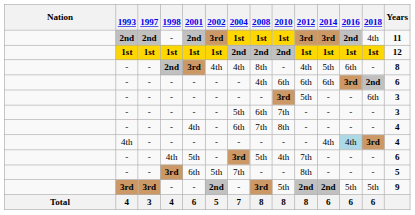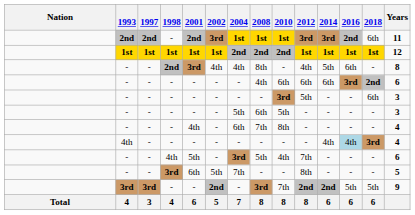 <table class="wikitable" style="text-align:center; font-size:90%">
 <tr>
 <th width=170>Nation</th>
 <th><br><a href='#'>1993</a></th>
 <th><br><a href='#'>1997</a></th>
 <th><br><a href='#'>1998</a></th>
 <th><br><a href='#'>2001</a></th>
 <th><br><a href='#'>2002</a></th>
 <th><br><a href='#'>2004</a></th>
 <th><br><a href='#'>2008</a></th>
 <th><br><a href='#'>2010</a></th>
 <th><br><a href='#'>2012</a></th>
 <th><br><a href='#'>2014</a></th>
 <th><br><a href='#'>2016</a></th>
 <th><br><a href='#'>2018</a></th>
 <th>Years</th>
 </tr>
 <tr>
 <td align=left></td>
 <td bgcolor=silver><strong>2nd</strong></td>
 <td bgcolor=silver><strong>2nd</strong></td>
 <td>-</td>
 <td bgcolor=silver><strong>2nd</strong></td>
 <td bgcolor=#cc9966><strong>3rd</strong></td>
 <td bgcolor=gold><strong>1st</strong></td>
 <td bgcolor=gold><strong>1st</strong></td>
 <td bgcolor=gold><strong>1st</strong></td>
 <td bgcolor=#cc9966><strong>3rd</strong></td>
 <td bgcolor=#cc9966><strong>3rd</strong></td>
 <td bgcolor=silver><strong>2nd</strong></td>
-<td>4th</td>
+<td>6th</td>
 <td><strong>11</strong></td>
 </tr>
 <tr>
 <td align=left></td>
 <td bgcolor=gold><strong>1st</strong></td>
 <td bgcolor=gold><strong>1st</strong></td>
 <td bgcolor=gold><strong>1st</strong></td>
 <td bgcolor=gold><strong>1st</strong></td>
 <td bgcolor=gold><strong>1st</strong></td>
 <td bgcolor=silver><strong>2nd</strong></td>
 <td bgcolor=silver><strong>2nd</strong></td>
 <td bgcolor=silver><strong>2nd</strong></td>
 <td bgcolor=gold><strong>1st</strong></td>
 <td bgcolor=gold><strong>1st</strong></td>
 <td bgcolor=gold><strong>1st</strong></td>
 <td bgcolor=gold><strong>1st</strong></td>
 <td><strong>12</strong></td>
 </tr>
 <tr>
 <td align=left></td>
 <td>-</td>
 <td>-</td>
 <td bgcolor=silver><strong>2nd</strong></td>
 <td bgcolor=#cc9966><strong>3rd</strong></td>
 <td>4th</td>
 <td>4th</td>
 <td>8th</td>
 <td>-</td>
 <td>4th</td>
 <td>5th</td>
 <td>6th</td>
 <td>-</td>
 <td><strong>8</strong></td>
 </tr>
 <tr>
 <td align=left></td>
 <td>-</td>
 <td>-</td>
 <td>-</td>
 <td>-</td>
 <td>-</td>
 <td>-</td>
 <td>4th</td>
 <td>6th</td>
 <td>6th</td>
 <td>6th</td>
 <td bgcolor=#cc9966><strong>3rd</strong></td>
 <td bgcolor=silver><strong>2nd</strong></td>
 <td><strong>6</strong></td>
 </tr>
 <tr>
 <td align=left></td>
 <td>-</td>
 <td>-</td>
 <td>-</td>
 <td>-</td>
 <td>-</td>
 <td>-</td>
 <td>-</td>
 <td bgcolor=#cc9966><strong>3rd</strong></td>
 <td>5th</td>
 <td>-</td>
 <td>-</td>
 <td>6th</td>
 <td><strong>3</strong></td>
 </tr>
 <tr>
 <td align=left></td>
 <td>-</td>
 <td>-</td>
 <td>-</td>
 <td>-</td>
 <td>-</td>
 <td>5th</td>
 <td>6th</td>
-<td>7th</td>
+<td>5th</td>
 <td>-</td>
 <td>-</td>
 <td>-</td>
 <td>-</td>
 <td><strong>3</strong></td>
 </tr>
 <tr>
 <td align=left></td>
 <td>-</td>
 <td>-</td>
 <td>-</td>
 <td>4th</td>
 <td>-</td>
 <td>6th</td>
 <td>7th</td>
 <td>8th</td>
 <td>-</td>
 <td>-</td>
 <td>-</td>
 <td>-</td>
 <td><strong>4</strong></td>
 </tr>
 <tr>
 <td align=left></td>
 <td>4th</td>
 <td>-</td>
 <td>-</td>
 <td>-</td>
 <td>-</td>
 <td>-</td>
 <td>-</td>
 <td>-</td>
 <td>-</td>
 <td>4th</td>
 <td style="background: lightblue;">4th</td>
 <td bgcolor=#cc9966><strong>3rd</strong></td>
 <td><strong>4</strong></td>
 </tr>
 <tr>
 <td align=left></td>
 <td>-</td>
 <td>-</td>
 <td>4th</td>
 <td>5th</td>
 <td>-</td>
 <td bgcolor=#cc9966><strong>3rd</strong></td>
 <td>5th</td>
 <td>4th</td>
 <td>7th</td>
 <td>-</td>
 <td>-</td>
 <td>-</td>
 <td><strong>6</strong></td>
 </tr>
 <tr>
 <td align=left></td>
 <td>-</td>
 <td>-</td>
 <td bgcolor=#cc9966><strong>3rd</strong></td>
 <td>6th</td>
 <td>5th</td>
 <td>7th</td>
 <td>-</td>
 <td>-</td>
 <td>8th</td>
 <td>-</td>
 <td>-</td>
 <td>-</td>
 <td><strong>5</strong></td>
 </tr>
 <tr>
 <td align=left></td>
 <td bgcolor=#cc9966><strong>3rd</strong></td>
 <td bgcolor=#cc9966><strong>3rd</strong></td>
 <td>-</td>
 <td>-</td>
 <td bgcolor=silver><strong>2nd</strong></td>
 <td>-</td>
 <td bgcolor=#cc9966><strong>3rd</strong></td>
-<td>5th</td>
+<td>7th</td>
 <td bgcolor=silver><strong>2nd</strong></td>
 <td bgcolor=silver><strong>2nd</strong></td>
 <td>5th</td>
 <td>5th</td>
 <td><strong>9</strong></td>
 </tr>
 <tr>
 <th>Total</th>
 <th>4</th>
 <th>3</th>
 <th>4</th>
 <th>6</th>
 <th>5</th>
 <th>7</th>
 <th>8</th>
 <th>8</th>
 <th>8</th>
 <th>6</th>
 <th>6</th>
 <th>6</th>
 <th></th>
 </tr>
 </table>
